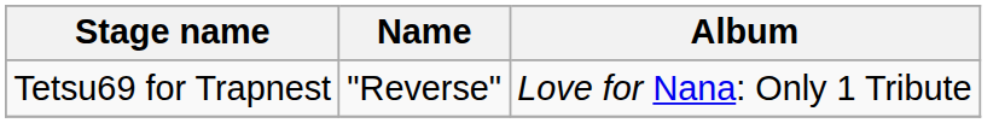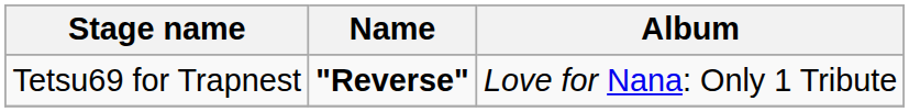 <table class="wikitable">
 <tr>
 <th>Stage name</th>
 <th>Name</th>
 <th>Album</th>
 </tr>
 <tr>
 <td>Tetsu69 for Trapnest</td>
-<td>"Reverse"</td>
+<td><strong>"Reverse"</strong></td>
 <td><em>Love for </em><a href='#'>Nana</a>: Only 1 Tribute<em></td>
 </tr>
 <tr>
 </tr>
 </table>
